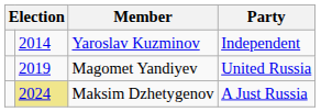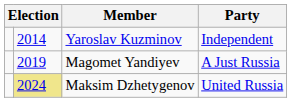 <table class="wikitable">
 <tr>
 <th colspan="2">Election</th>
 <th>Member</th>
 <th>Party</th>
 </tr>
 <tr>
 <td style="background-color:"></td>
 <td><a href='#'>2014</a></td>
 <td><a href='#'>Yaroslav Kuzminov</a></td>
 <td><a href='#'>Independent</a></td>
 </tr>
 <tr>
 <td style="background-color:"></td>
 <td><a href='#'>2019</a></td>
 <td>Magomet Yandiyev</td>
-<td><a href='#'>United Russia</a></td>
+<td><a href='#'>A Just Russia</a></td>
 </tr>
 <tr>
 <td style="background-color:"></td>
 <td style="background: khaki;"><a href='#'>2024</a></td>
 <td>Maksim Dzhetygenov</td>
-<td><a href='#'>A Just Russia</a></td>
+<td><a href='#'>United Russia</a></td>
 </tr>
 </table>
